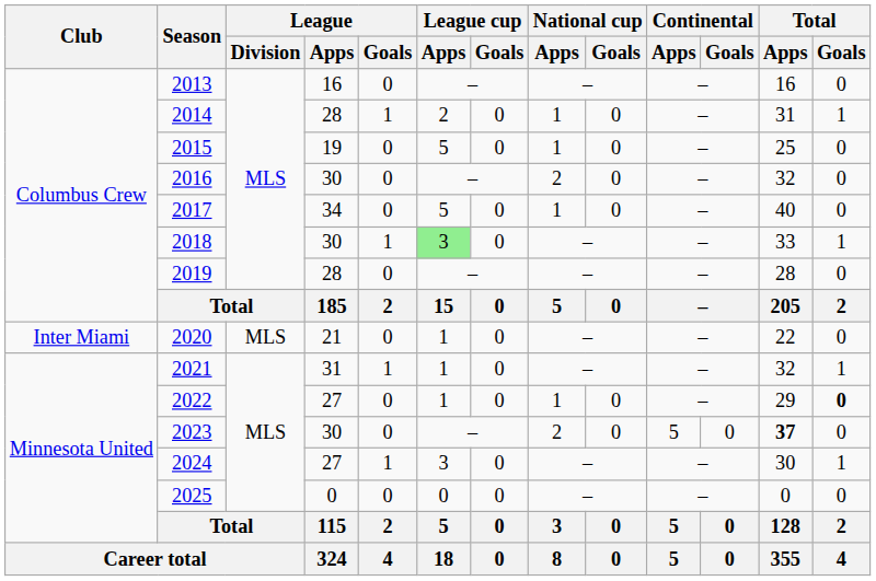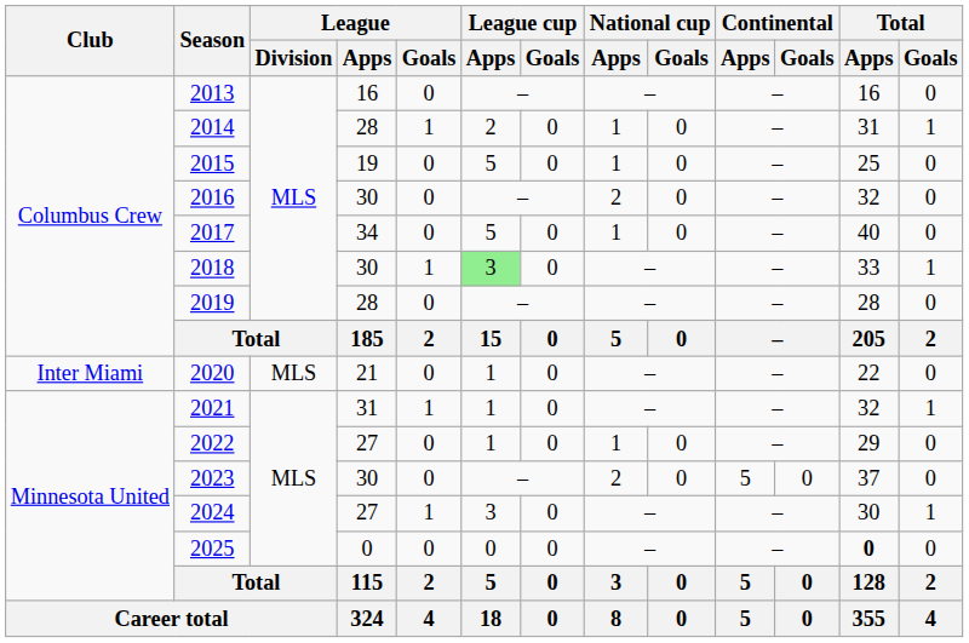 <table class="wikitable" style="text-align:center">
 <tr>
 <th rowspan="2">Club</th>
 <th rowspan="2">Season</th>
 <th colspan="3">League</th>
 <th colspan="2">League cup</th>
 <th colspan="2">National cup</th>
 <th colspan="2">Continental</th>
 <th colspan="2">Total</th>
 </tr>
 <tr>
 <th>Division</th>
 <th>Apps</th>
 <th>Goals</th>
 <th>Apps</th>
 <th>Goals</th>
 <th>Apps</th>
 <th>Goals</th>
 <th>Apps</th>
 <th>Goals</th>
 <th>Apps</th>
 <th>Goals</th>
 </tr>
 <tr>
 <td rowspan="8"><a href='#'>Columbus Crew</a></td>
 <td><a href='#'>2013</a></td>
 <td rowspan=7><a href='#'>MLS</a></td>
 <td>16</td>
 <td>0</td>
 <td colspan="2">–</td>
 <td colspan="2">–</td>
 <td colspan="2">–</td>
 <td>16</td>
 <td>0</td>
 </tr>
 <tr>
 <td><a href='#'>2014</a></td>
 <td>28</td>
 <td>1</td>
 <td>2</td>
 <td>0</td>
 <td>1</td>
 <td>0</td>
 <td colspan="2">–</td>
 <td>31</td>
 <td>1</td>
 </tr>
 <tr>
 <td><a href='#'>2015</a></td>
 <td>19</td>
 <td>0</td>
 <td>5</td>
 <td>0</td>
 <td>1</td>
 <td>0</td>
 <td colspan="2">–</td>
 <td>25</td>
 <td>0</td>
 </tr>
 <tr>
 <td><a href='#'>2016</a></td>
 <td>30</td>
 <td>0</td>
 <td colspan="2">–</td>
 <td>2</td>
 <td>0</td>
 <td colspan="2">–</td>
 <td>32</td>
 <td>0</td>
 </tr>
 <tr>
 <td><a href='#'>2017</a></td>
 <td>34</td>
 <td>0</td>
 <td>5</td>
 <td>0</td>
 <td>1</td>
 <td>0</td>
 <td colspan="2">–</td>
 <td>40</td>
 <td>0</td>
 </tr>
 <tr>
 <td><a href='#'>2018</a></td>
 <td>30</td>
 <td>1</td>
 <td style="background: lightgreen;">3</td>
 <td>0</td>
 <td colspan="2">–</td>
 <td colspan="2">–</td>
 <td>33</td>
 <td>1</td>
 </tr>
 <tr>
 <td><a href='#'>2019</a></td>
 <td>28</td>
 <td>0</td>
 <td colspan="2">–</td>
 <td colspan="2">–</td>
 <td colspan="2">–</td>
 <td>28</td>
 <td>0</td>
 </tr>
 <tr>
 <th colspan="2">Total</th>
 <th>185</th>
 <th>2</th>
 <th>15</th>
 <th>0</th>
 <th>5</th>
 <th>0</th>
 <th colspan="2">–</th>
 <th>205</th>
 <th>2</th>
 </tr>
 <tr>
 <td><a href='#'>Inter Miami</a></td>
 <td><a href='#'>2020</a></td>
 <td>MLS</td>
 <td>21</td>
 <td>0</td>
 <td>1</td>
 <td>0</td>
 <td colspan="2">–</td>
 <td colspan="2">–</td>
 <td>22</td>
 <td>0</td>
 </tr>
 <tr>
 <td rowspan="6"><a href='#'>Minnesota United</a></td>
 <td><a href='#'>2021</a></td>
 <td rowspan="5">MLS</td>
 <td>31</td>
 <td>1</td>
 <td>1</td>
 <td>0</td>
 <td colspan="2">–</td>
 <td colspan="2">–</td>
 <td>32</td>
 <td>1</td>
 </tr>
 <tr>
 <td><a href='#'>2022</a></td>
 <td>27</td>
 <td>0</td>
 <td>1</td>
 <td>0</td>
 <td>1</td>
 <td>0</td>
 <td colspan="2">–</td>
 <td>29</td>
-<td><strong>0</strong></td>
+<td>0</td>
 </tr>
 <tr>
 <td><a href='#'>2023</a></td>
 <td>30</td>
 <td>0</td>
 <td colspan="2">–</td>
 <td>2</td>
 <td>0</td>
 <td>5</td>
 <td>0</td>
-<td><strong>37</strong></td>
+<td>37</td>
 <td>0</td>
 </tr>
 <tr>
 <td><a href='#'>2024</a></td>
 <td>27</td>
 <td>1</td>
 <td>3</td>
 <td>0</td>
 <td colspan="2">–</td>
 <td colspan="2">–</td>
 <td>30</td>
 <td>1</td>
 </tr>
 <tr>
 <td><a href='#'>2025</a></td>
 <td>0</td>
 <td>0</td>
 <td>0</td>
 <td>0</td>
 <td colspan="2">–</td>
 <td colspan="2">–</td>
-<td>0</td>
+<td><strong>0</strong></td>
 <td>0</td>
 </tr>
 <tr>
 <th colspan="2">Total</th>
 <th>115</th>
 <th>2</th>
 <th>5</th>
 <th>0</th>
 <th>3</th>
 <th>0</th>
 <th>5</th>
 <th>0</th>
 <th>128</th>
 <th>2</th>
 </tr>
 <tr>
 <th colspan="3">Career total</th>
 <th>324</th>
 <th>4</th>
 <th>18</th>
 <th>0</th>
 <th>8</th>
 <th>0</th>
 <th>5</th>
 <th>0</th>
 <th>355</th>
 <th>4</th>
 </tr>
 </table>
